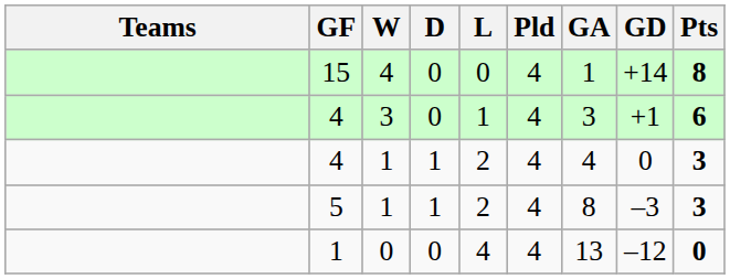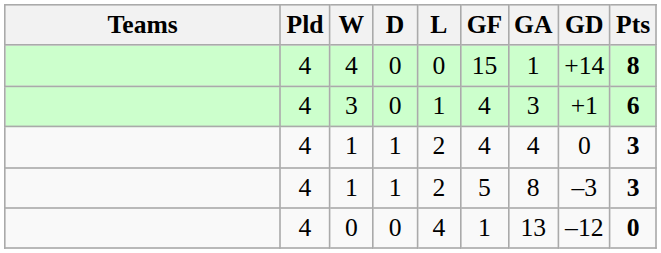 <table class="wikitable" style="text-align: center;">
 <tr>
 <th width=165>Teams</th>
-<th width=20>GF</th>
+<th width=20>Pld</th>
 <th width=20>W</th>
 <th width=20>D</th>
 <th width=20>L</th>
-<th width=20>Pld</th>
+<th width=20>GF</th>
 <th width=20>GA</th>
 <th width=20>GD</th>
 <th width=20>Pts</th>
 </tr>
 <tr align=center style="background:#ccffcc;">
 <td style="text-align:left;"></td>
-<td>15</td>
+<td>4</td>
 <td>4</td>
 <td>0</td>
 <td>0</td>
-<td>4</td>
+<td>15</td>
 <td>1</td>
 <td>+14</td>
 <td><strong>8</strong></td>
 </tr>
 <tr align=center style="background:#ccffcc;">
 <td style="text-align:left;"></td>
 <td>4</td>
 <td>3</td>
 <td>0</td>
 <td>1</td>
 <td>4</td>
 <td>3</td>
 <td>+1</td>
 <td><strong>6</strong></td>
 </tr>
 <tr align=center>
 <td style="text-align:left;"></td>
 <td>4</td>
 <td>1</td>
 <td>1</td>
 <td>2</td>
 <td>4</td>
 <td>4</td>
 <td>0</td>
 <td><strong>3</strong></td>
 </tr>
 <tr align=center>
 <td style="text-align:left;"></td>
-<td>5</td>
+<td>4</td>
 <td>1</td>
 <td>1</td>
 <td>2</td>
-<td>4</td>
+<td>5</td>
 <td>8</td>
 <td>–3</td>
 <td><strong>3</strong></td>
 </tr>
 <tr align=center>
 <td style="text-align:left;"></td>
-<td>1</td>
+<td>4</td>
 <td>0</td>
 <td>0</td>
 <td>4</td>
-<td>4</td>
+<td>1</td>
 <td>13</td>
 <td>–12</td>
 <td><strong>0</strong></td>
 </tr>
 </table>
